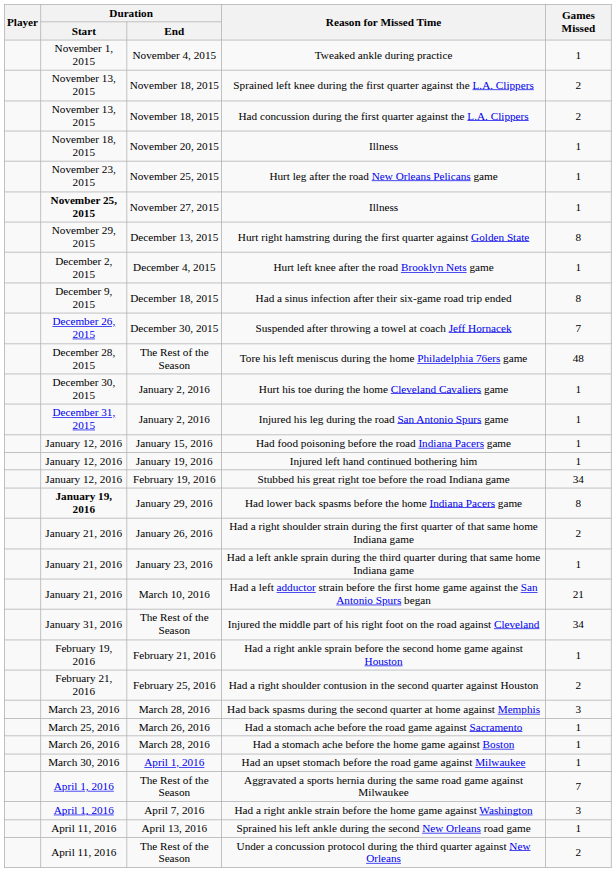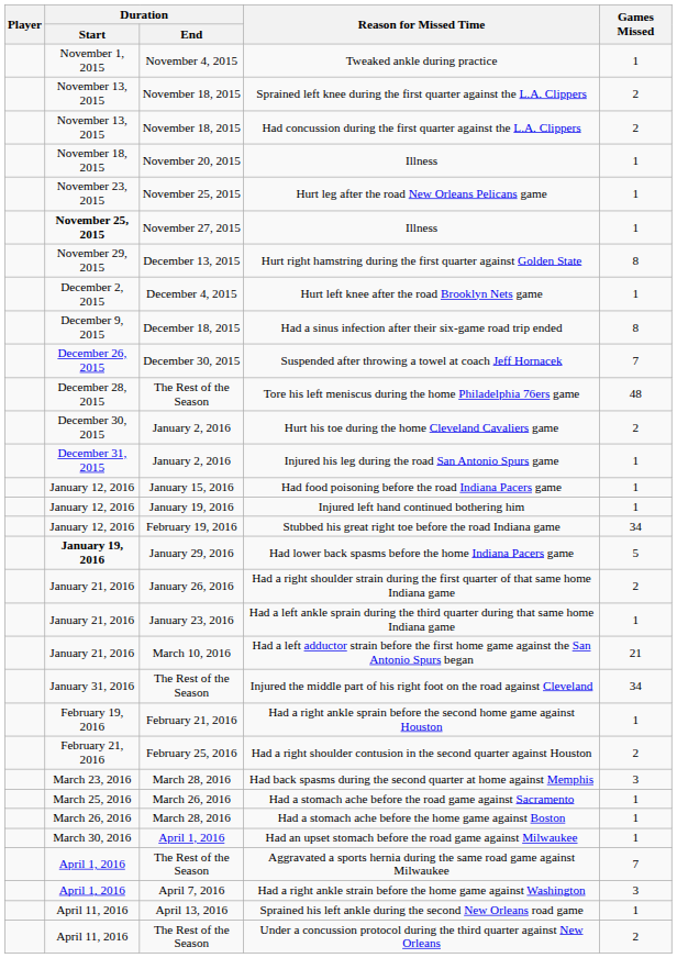 <table class="wikitable sortable collapsible" style="text-align:center;">
 <tr>
 <th rowspan="2">Player</th>
 <th colspan="2">Duration</th>
 <th rowspan="2">Reason for Missed Time</th>
 <th rowspan="2">Games Missed</th>
 </tr>
 <tr>
 <th>Start</th>
 <th>End</th>
 </tr>
 <tr>
 <td></td>
 <td>November 1, 2015</td>
 <td>November 4, 2015</td>
 <td>Tweaked ankle during practice</td>
 <td>1</td>
 </tr>
 <tr>
 <td></td>
 <td>November 13, 2015</td>
 <td>November 18, 2015</td>
 <td>Sprained left knee during the first quarter against the <a href='#'>L.A. Clippers</a></td>
 <td>2</td>
 </tr>
 <tr>
 <td></td>
 <td>November 13, 2015</td>
 <td>November 18, 2015</td>
 <td>Had concussion during the first quarter against the <a href='#'>L.A. Clippers</a></td>
 <td>2</td>
 </tr>
 <tr>
 <td></td>
 <td>November 18, 2015</td>
 <td>November 20, 2015</td>
 <td>Illness</td>
 <td>1</td>
 </tr>
 <tr>
 <td></td>
 <td>November 23, 2015</td>
 <td>November 25, 2015</td>
 <td>Hurt leg after the road <a href='#'>New Orleans Pelicans</a> game</td>
 <td>1</td>
 </tr>
 <tr>
 <td></td>
 <td><strong>November 25, 2015</strong></td>
 <td>November 27, 2015</td>
 <td>Illness</td>
 <td>1</td>
 </tr>
 <tr>
 <td></td>
 <td>November 29, 2015</td>
 <td>December 13, 2015</td>
 <td>Hurt right hamstring during the first quarter against <a href='#'>Golden State</a></td>
 <td>8</td>
 </tr>
 <tr>
 <td></td>
 <td>December 2, 2015</td>
 <td>December 4, 2015</td>
 <td>Hurt left knee after the road <a href='#'>Brooklyn Nets</a> game</td>
 <td>1</td>
 </tr>
 <tr>
 <td></td>
 <td>December 9, 2015</td>
 <td>December 18, 2015</td>
 <td>Had a sinus infection after their six-game road trip ended</td>
 <td>8</td>
 </tr>
 <tr>
 <td></td>
 <td><a href='#'>December 26, 2015</a></td>
 <td>December 30, 2015</td>
 <td>Suspended after throwing a towel at coach <a href='#'>Jeff Hornacek</a></td>
 <td>7</td>
 </tr>
 <tr>
 <td></td>
 <td>December 28, 2015</td>
 <td>The Rest of the Season</td>
 <td>Tore his left meniscus during the home <a href='#'>Philadelphia 76ers</a> game</td>
 <td>48</td>
 </tr>
 <tr>
 <td></td>
 <td>December 30, 2015</td>
 <td>January 2, 2016</td>
 <td>Hurt his toe during the home <a href='#'>Cleveland Cavaliers</a> game</td>
-<td>1</td>
+<td>2</td>
 </tr>
 <tr>
 <td></td>
 <td><a href='#'>December 31, 2015</a></td>
 <td>January 2, 2016</td>
 <td>Injured his leg during the road <a href='#'>San Antonio Spurs</a> game</td>
 <td>1</td>
 </tr>
 <tr>
 <td></td>
 <td>January 12, 2016</td>
 <td>January 15, 2016</td>
 <td>Had food poisoning before the road <a href='#'>Indiana Pacers</a> game</td>
 <td>1</td>
 </tr>
 <tr>
 <td></td>
 <td>January 12, 2016</td>
 <td>January 19, 2016</td>
 <td>Injured left hand continued bothering him</td>
 <td>1</td>
 </tr>
 <tr>
 <td></td>
 <td>January 12, 2016</td>
 <td>February 19, 2016</td>
 <td>Stubbed his great right toe before the road Indiana game</td>
 <td>34</td>
 </tr>
 <tr>
 <td></td>
 <td><strong>January 19, 2016</strong></td>
 <td>January 29, 2016</td>
 <td>Had lower back spasms before the home <a href='#'>Indiana Pacers</a> game</td>
-<td>8</td>
+<td>5</td>
 </tr>
 <tr>
 <td></td>
 <td>January 21, 2016</td>
 <td>January 26, 2016</td>
 <td>Had a right shoulder strain during the first quarter of that same home Indiana game</td>
 <td>2</td>
 </tr>
 <tr>
 <td></td>
 <td>January 21, 2016</td>
 <td>January 23, 2016</td>
 <td>Had a left ankle sprain during the third quarter during that same home Indiana game</td>
 <td>1</td>
 </tr>
 <tr>
 <td></td>
 <td>January 21, 2016</td>
 <td>March 10, 2016</td>
 <td>Had a left <a href='#'>adductor</a> strain before the first home game against the <a href='#'>San Antonio Spurs</a> began</td>
 <td>21</td>
 </tr>
 <tr>
 <td></td>
 <td>January 31, 2016</td>
 <td>The Rest of the Season</td>
 <td>Injured the middle part of his right foot on the road against <a href='#'>Cleveland</a></td>
 <td>34</td>
 </tr>
 <tr>
 <td></td>
 <td>February 19, 2016</td>
 <td>February 21, 2016</td>
 <td>Had a right ankle sprain before the second home game against <a href='#'>Houston</a></td>
 <td>1</td>
 </tr>
 <tr>
 <td></td>
 <td>February 21, 2016</td>
 <td>February 25, 2016</td>
 <td>Had a right shoulder contusion in the second quarter against Houston</td>
 <td>2</td>
 </tr>
 <tr>
 <td></td>
 <td>March 23, 2016</td>
 <td>March 28, 2016</td>
 <td>Had back spasms during the second quarter at home against <a href='#'>Memphis</a></td>
 <td>3</td>
 </tr>
 <tr>
 <td></td>
 <td>March 25, 2016</td>
 <td>March 26, 2016</td>
 <td>Had a stomach ache before the road game against <a href='#'>Sacramento</a></td>
 <td>1</td>
 </tr>
 <tr>
 <td></td>
 <td>March 26, 2016</td>
 <td>March 28, 2016</td>
 <td>Had a stomach ache before the home game against <a href='#'>Boston</a></td>
 <td>1</td>
 </tr>
 <tr>
 <td></td>
 <td>March 30, 2016</td>
 <td><a href='#'>April 1, 2016</a></td>
 <td>Had an upset stomach before the road game against <a href='#'>Milwaukee</a></td>
 <td>1</td>
 </tr>
 <tr>
 <td></td>
 <td><a href='#'>April 1, 2016</a></td>
 <td>The Rest of the Season</td>
 <td>Aggravated a sports hernia during the same road game against Milwaukee</td>
 <td>7</td>
 </tr>
 <tr>
 <td></td>
 <td><a href='#'>April 1, 2016</a></td>
 <td>April 7, 2016</td>
 <td>Had a right ankle strain before the home game against <a href='#'>Washington</a></td>
 <td>3</td>
 </tr>
 <tr>
 <td></td>
 <td>April 11, 2016</td>
 <td>April 13, 2016</td>
 <td>Sprained his left ankle during the second <a href='#'>New Orleans</a> road game</td>
 <td>1</td>
 </tr>
 <tr>
 <td></td>
 <td>April 11, 2016</td>
 <td>The Rest of the Season</td>
 <td>Under a concussion protocol during the third quarter against <a href='#'>New Orleans</a></td>
 <td>2</td>
 </tr>
 </table>
